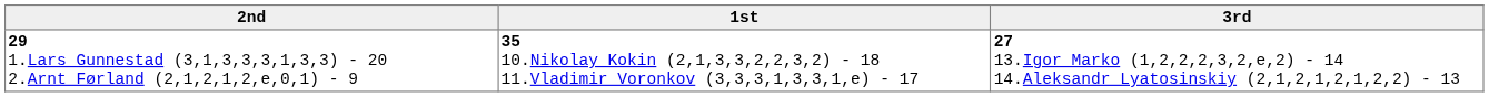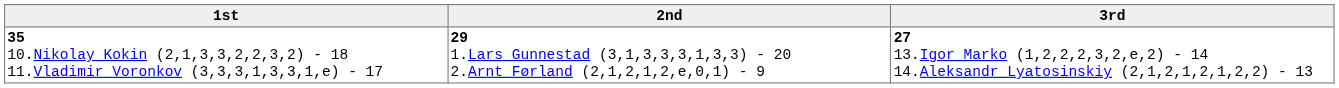 <table border=1 cellpadding=2 cellspacing=0 width=75% style="border-collapse:collapse">
 <tr align=left style="background:#efefef;">
+<th width=15% align=center >1st</th>
 <th width=15% align=center >2nd</th>
-<th width=15% align=center >1st</th>
 <th width=15% align=center >3rd</th>
 </tr>
 <tr align=left>
+<td valign=top align=left ><strong> 35</strong><br>10.<a href='#'>Nikolay Kokin</a> (2,1,3,3,2,2,3,2) - 18 <br>11.<a href='#'>Vladimir Voronkov</a> (3,3,3,1,3,3,1,e) - 17</td>
 <td valign=top align=left ><strong> 29</strong><br>1.<a href='#'>Lars Gunnestad</a> (3,1,3,3,3,1,3,3) - 20<br>2.<a href='#'>Arnt Førland</a> (2,1,2,1,2,e,0,1) - 9</td>
-<td valign=top align=left ><strong> 35</strong><br>10.<a href='#'>Nikolay Kokin</a> (2,1,3,3,2,2,3,2) - 18 <br>11.<a href='#'>Vladimir Voronkov</a> (3,3,3,1,3,3,1,e) - 17</td>
 <td valign=top align=left ><strong> 27</strong><br>13.<a href='#'>Igor Marko</a> (1,2,2,2,3,2,e,2) - 14<br>14.<a href='#'>Aleksandr Lyatosinskiy</a> (2,1,2,1,2,1,2,2) - 13</td>
 </tr>
 </table>
